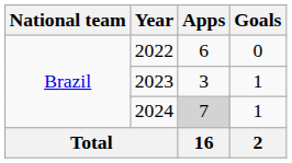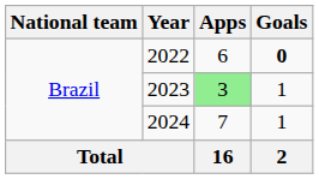 <table class="wikitable" style="text-align: center;">
 <tr>
 <th>National team</th>
 <th>Year</th>
 <th>Apps</th>
 <th>Goals</th>
 </tr>
 <tr>
 <td rowspan="3"><a href='#'>Brazil</a></td>
 <td>2022</td>
 <td>6</td>
-<td>0</td>
+<td><strong>0</strong></td>
 </tr>
 <tr>
 <td>2023</td>
-<td>3</td>
+<td style="background: lightgreen;">3</td>
 <td>1</td>
 </tr>
 <tr>
 <td>2024</td>
-<td style="background: lightgrey;">7</td>
+<td>7</td>
 <td>1</td>
 </tr>
 <tr>
 <th colspan="2">Total</th>
 <th>16</th>
 <th>2</th>
 </tr>
 </table>
